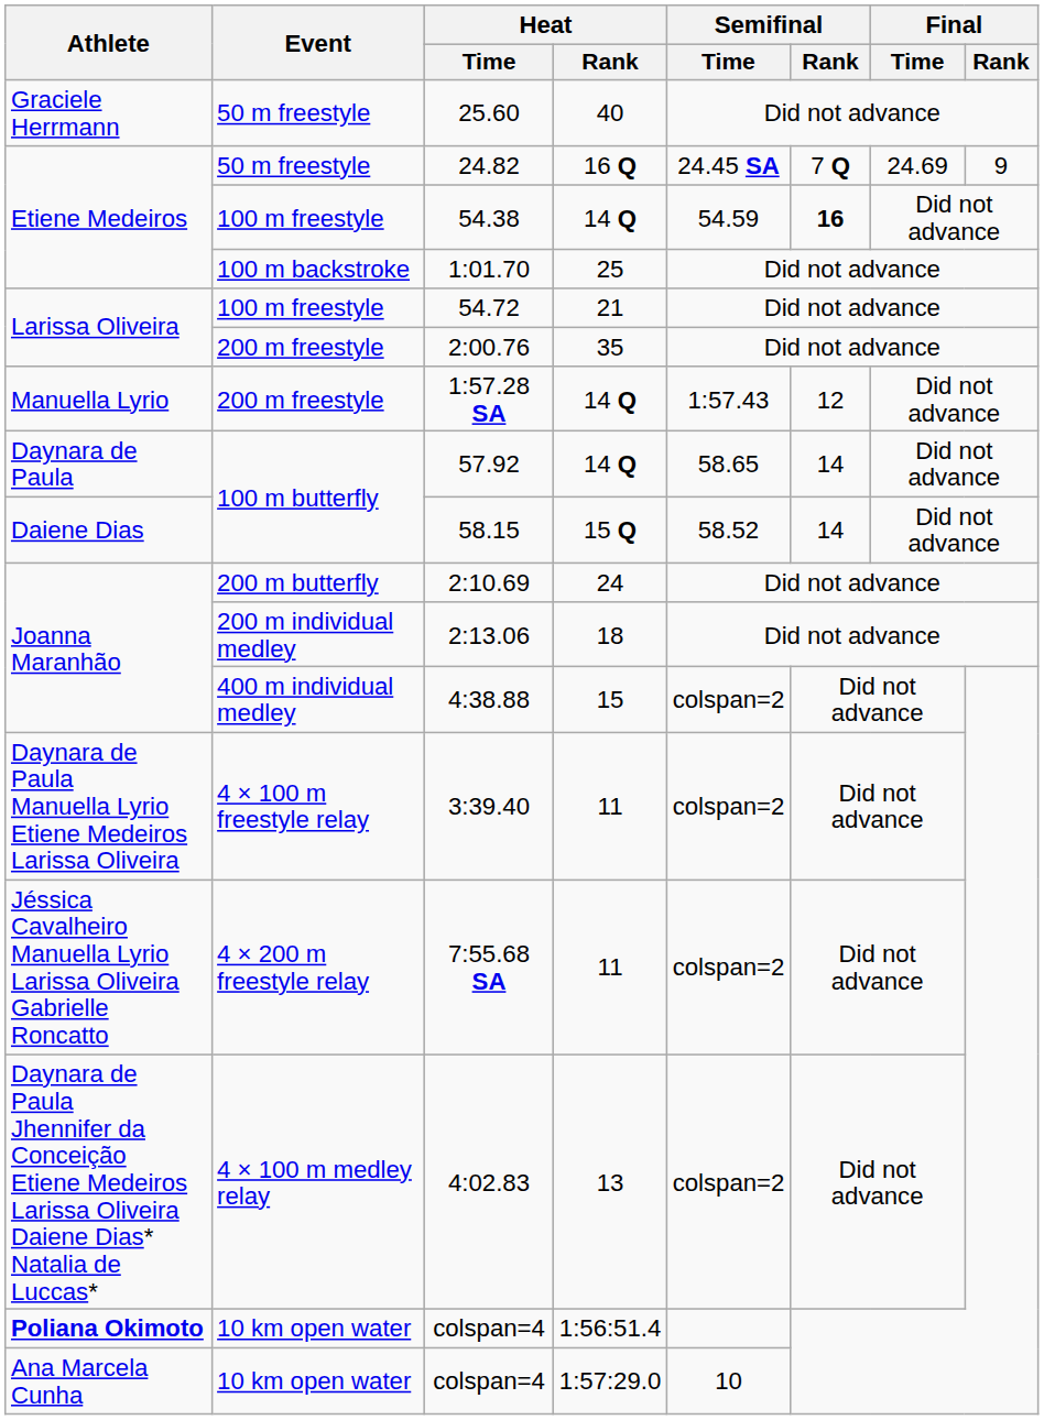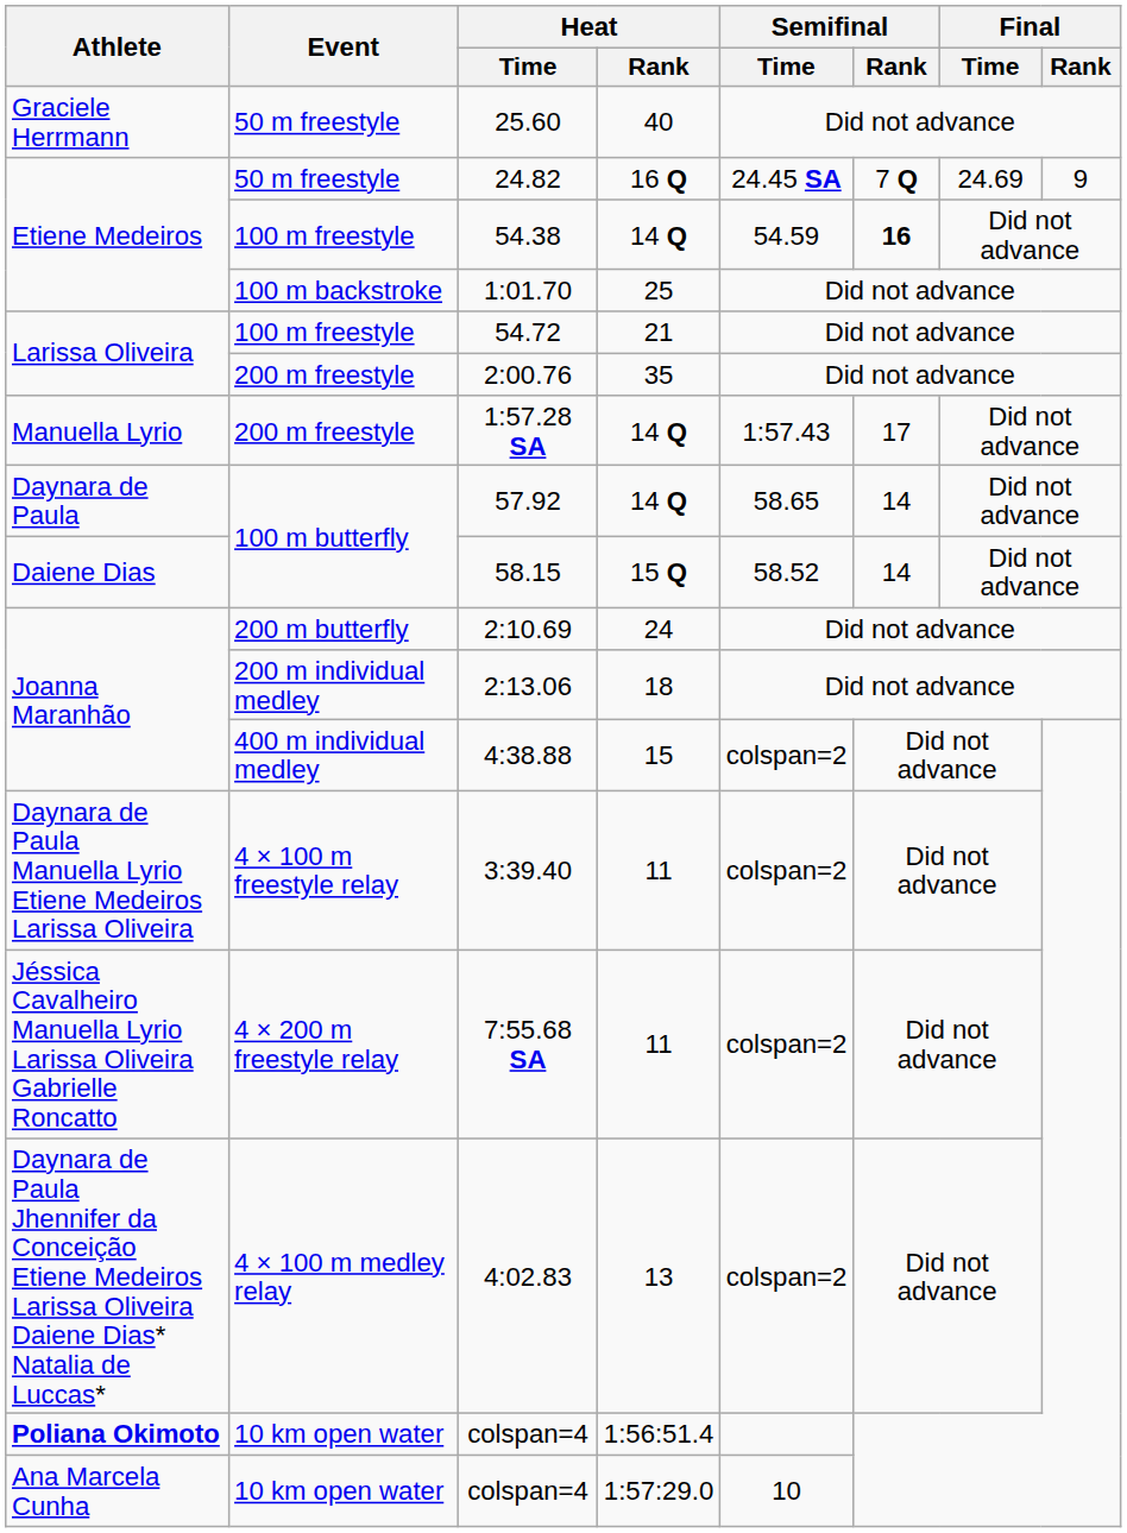 <table class=wikitable style="font-size:90%">
 <tr>
 <th rowspan="2">Athlete</th>
 <th rowspan="2">Event</th>
 <th colspan="2">Heat</th>
 <th colspan="2">Semifinal</th>
 <th colspan="2">Final</th>
 </tr>
 <tr style="font-size:95%">
 <th>Time</th>
 <th>Rank</th>
 <th>Time</th>
 <th>Rank</th>
 <th>Time</th>
 <th>Rank</th>
 </tr>
 <tr align=center>
 <td align=left><a href='#'>Graciele Herrmann</a></td>
 <td align=left><a href='#'>50 m freestyle</a></td>
 <td>25.60</td>
 <td>40</td>
 <td colspan=4>Did not advance</td>
 </tr>
 <tr align=center>
 <td align=left rowspan=3><a href='#'>Etiene Medeiros</a></td>
 <td align=left><a href='#'>50 m freestyle</a></td>
 <td>24.82</td>
 <td>16 <strong>Q</strong></td>
 <td>24.45 <strong><a href='#'>SA</a></strong></td>
 <td>7 <strong>Q</strong></td>
 <td>24.69</td>
 <td>9</td>
 </tr>
 <tr align=center>
 <td align=left><a href='#'>100 m freestyle</a></td>
 <td>54.38</td>
 <td>14 <strong>Q</strong></td>
 <td>54.59</td>
 <td><strong>16</strong></td>
 <td colspan=2>Did not advance</td>
 </tr>
 <tr align=center>
 <td align=left><a href='#'>100 m backstroke</a></td>
 <td>1:01.70</td>
 <td>25</td>
 <td colspan=4>Did not advance</td>
 </tr>
 <tr align=center>
 <td align=left rowspan=2><a href='#'>Larissa Oliveira</a></td>
 <td align=left><a href='#'>100 m freestyle</a></td>
 <td>54.72</td>
 <td>21</td>
 <td colspan=4>Did not advance</td>
 </tr>
 <tr align=center>
 <td align=left><a href='#'>200 m freestyle</a></td>
 <td>2:00.76</td>
 <td>35</td>
 <td colspan=4>Did not advance</td>
 </tr>
 <tr align=center>
 <td align=left><a href='#'>Manuella Lyrio</a></td>
 <td align=left><a href='#'>200 m freestyle</a></td>
 <td>1:57.28 <strong><a href='#'>SA</a></strong></td>
 <td>14 <strong>Q</strong></td>
 <td>1:57.43</td>
-<td>12</td>
+<td>17</td>
 <td colspan=2>Did not advance</td>
 </tr>
 <tr align=center>
 <td align=left><a href='#'>Daynara de Paula</a></td>
 <td align=left rowspan=2><a href='#'>100 m butterfly</a></td>
 <td>57.92</td>
 <td>14 <strong>Q</strong></td>
 <td>58.65</td>
 <td>14</td>
 <td colspan=2>Did not advance</td>
 </tr>
 <tr align=center>
 <td align=left><a href='#'>Daiene Dias</a></td>
 <td>58.15</td>
 <td>15 <strong>Q</strong></td>
 <td>58.52</td>
 <td>14</td>
 <td colspan=2>Did not advance</td>
 </tr>
 <tr align=center>
 <td align=left rowspan=3><a href='#'>Joanna Maranhão</a></td>
 <td align=left><a href='#'>200 m butterfly</a></td>
 <td>2:10.69</td>
 <td>24</td>
 <td colspan=4>Did not advance</td>
 </tr>
 <tr align=center>
 <td align=left><a href='#'>200 m individual medley</a></td>
 <td>2:13.06</td>
 <td>18</td>
 <td colspan=4>Did not advance</td>
 </tr>
 <tr align=center>
 <td align=left><a href='#'>400 m individual medley</a></td>
 <td>4:38.88</td>
 <td>15</td>
 <td>colspan=2 </td>
 <td colspan=2>Did not advance</td>
 </tr>
 <tr align=center>
 <td align=left><a href='#'>Daynara de Paula</a><br><a href='#'>Manuella Lyrio</a><br><a href='#'>Etiene Medeiros</a><br><a href='#'>Larissa Oliveira</a></td>
 <td align=left><a href='#'>4 × 100 m freestyle relay</a></td>
 <td>3:39.40</td>
 <td>11</td>
 <td>colspan=2 </td>
 <td colspan=2>Did not advance</td>
 </tr>
 <tr align=center>
 <td align=left><a href='#'>Jéssica Cavalheiro</a><br><a href='#'>Manuella Lyrio</a><br><a href='#'>Larissa Oliveira</a><br><a href='#'>Gabrielle Roncatto</a></td>
 <td align=left><a href='#'>4 × 200 m freestyle relay</a></td>
 <td>7:55.68 <strong><a href='#'>SA</a></strong></td>
 <td>11</td>
 <td>colspan=2 </td>
 <td colspan=2>Did not advance</td>
 </tr>
 <tr align=center>
 <td align=left><a href='#'>Daynara de Paula</a><br><a href='#'>Jhennifer da Conceição</a><br><a href='#'>Etiene Medeiros</a><br><a href='#'>Larissa Oliveira</a><br><a href='#'>Daiene Dias</a>*<br><a href='#'>Natalia de Luccas</a>*</td>
 <td align=left><a href='#'>4 × 100 m medley relay</a></td>
 <td>4:02.83</td>
 <td>13</td>
 <td>colspan=2 </td>
 <td colspan=2>Did not advance</td>
 </tr>
 <tr align=center>
 <td align=left><strong><a href='#'>Poliana Okimoto</a></strong></td>
 <td align=left><a href='#'>10 km open water</a></td>
 <td>colspan=4 </td>
 <td>1:56:51.4</td>
 <td></td>
 </tr>
 <tr align=center>
 <td align=left><a href='#'>Ana Marcela Cunha</a></td>
 <td align=left><a href='#'>10 km open water</a></td>
 <td>colspan=4 </td>
 <td>1:57:29.0</td>
 <td>10</td>
 </tr>
 </table>
